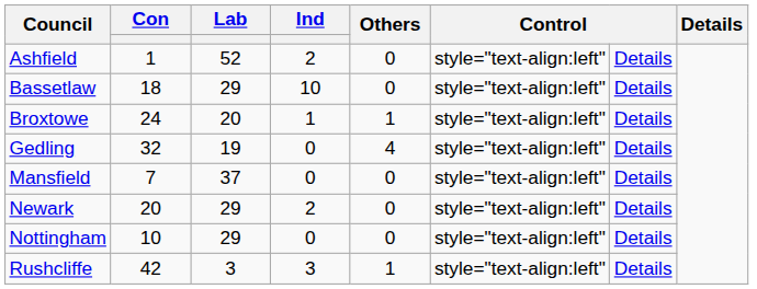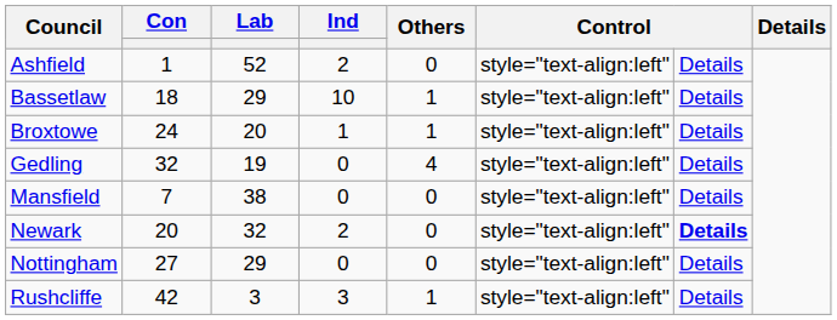 <table class="wikitable" style="text-align:center;">
 <tr>
 <th rowspan=2>Council</th>
 <th style="width:60px;"><a href='#'>Con</a></th>
 <th style="width:60px;"><a href='#'>Lab</a></th>
 <th style="width:60px;"><a href='#'>Ind</a></th>
 <th style="width:60px;" rowspan=2>Others</th>
 <th rowspan=2 colspan=2>Control</th>
 <th rowspan=2>Details</th>
 </tr>
 <tr>
 <th style="background:"></th>
 <th style="background:"></th>
 <th style="background:"></th>
 </tr>
 <tr>
 <td style="text-align:left"><a href='#'>Ashfield</a></td>
 <td>1</td>
 <td>52</td>
 <td>2</td>
 <td>0</td>
 <td>style="text-align:left" </td>
 <td style="text-align:left"><a href='#'>Details</a></td>
 </tr>
 <tr>
 <td style="text-align:left"><a href='#'>Bassetlaw</a></td>
 <td>18</td>
 <td>29</td>
 <td>10</td>
-<td>0</td>
+<td>1</td>
 <td>style="text-align:left" </td>
 <td style="text-align:left"><a href='#'>Details</a></td>
 </tr>
 <tr>
 <td style="text-align:left"><a href='#'>Broxtowe</a></td>
 <td>24</td>
 <td>20</td>
 <td>1</td>
 <td>1</td>
 <td>style="text-align:left" </td>
 <td style="text-align:left"><a href='#'>Details</a></td>
 </tr>
 <tr>
 <td style="text-align:left"><a href='#'>Gedling</a></td>
 <td>32</td>
 <td>19</td>
 <td>0</td>
 <td>4</td>
 <td>style="text-align:left" </td>
 <td style="text-align:left"><a href='#'>Details</a></td>
 </tr>
 <tr>
 <td style="text-align:left"><a href='#'>Mansfield</a></td>
 <td>7</td>
-<td>37</td>
+<td>38</td>
 <td>0</td>
 <td>0</td>
 <td>style="text-align:left" </td>
 <td style="text-align:left"><a href='#'>Details</a></td>
 </tr>
 <tr>
 <td style="text-align:left"><a href='#'>Newark</a></td>
 <td>20</td>
-<td>29</td>
+<td>32</td>
 <td>2</td>
 <td>0</td>
 <td>style="text-align:left" </td>
-<td style="text-align:left"><a href='#'>Details</a></td>
+<td style="text-align:left"><strong><a href='#'>Details</a></strong></td>
 </tr>
 <tr>
 <td style="text-align:left"><a href='#'>Nottingham</a></td>
-<td>10</td>
+<td>27</td>
 <td>29</td>
 <td>0</td>
 <td>0</td>
 <td>style="text-align:left" </td>
 <td style="text-align:left"><a href='#'>Details</a></td>
 </tr>
 <tr>
 <td style="text-align:left"><a href='#'>Rushcliffe</a></td>
 <td>42</td>
 <td>3</td>
 <td>3</td>
 <td>1</td>
 <td>style="text-align:left" </td>
 <td style="text-align:left"><a href='#'>Details</a></td>
 </tr>
 </table>
